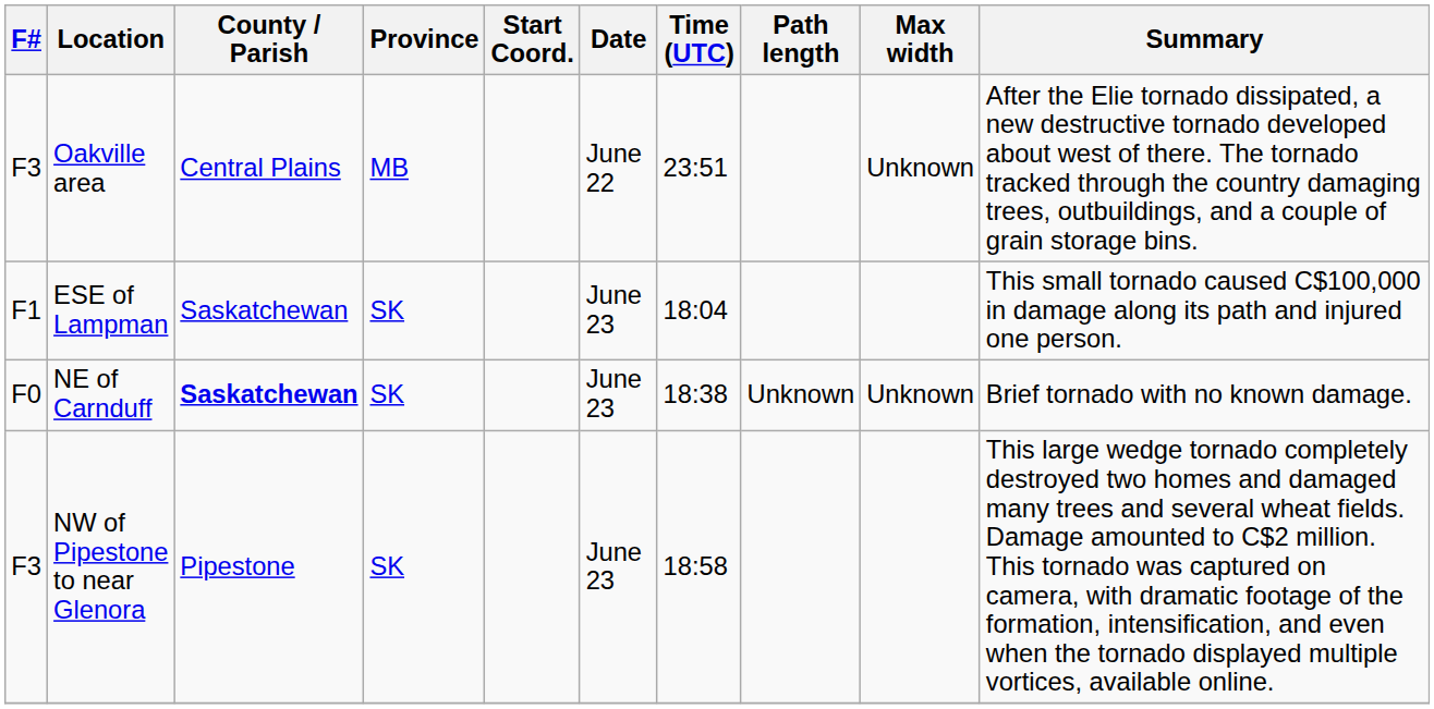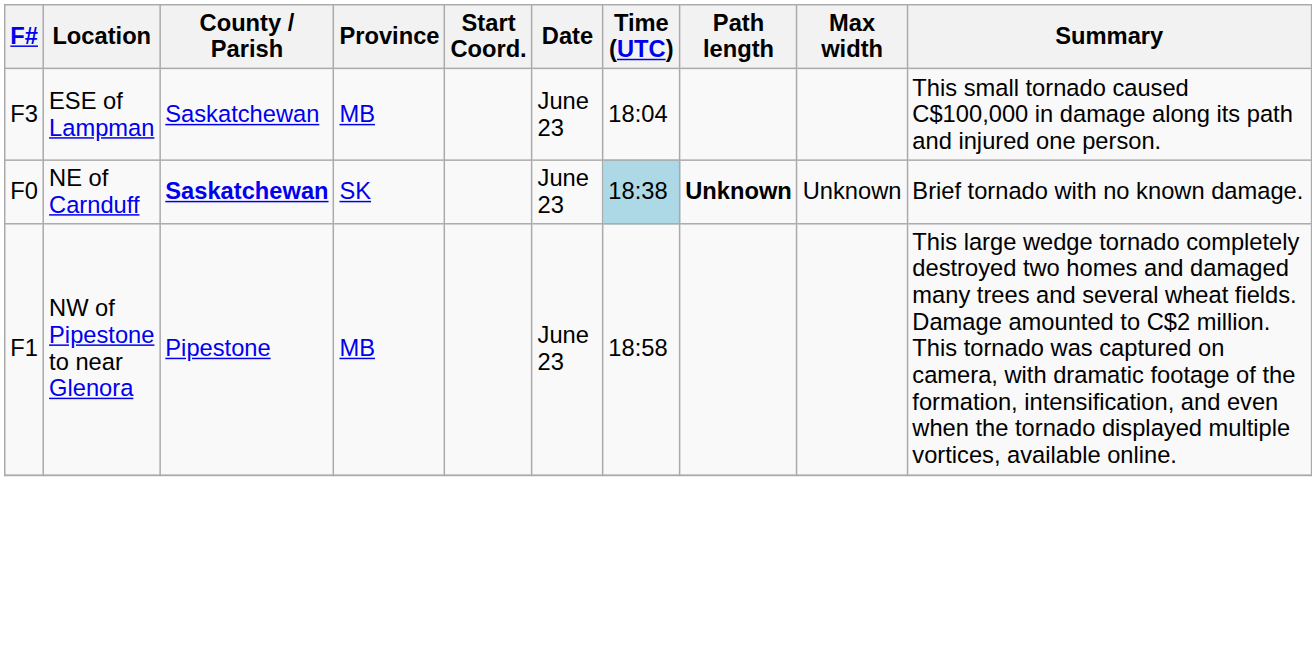 <table class="wikitable sortable" style="width:100%;">
 <tr>
 <th scope="col"  style="width:3%; text-align:center;"><a href='#'>F#</a></th>
 <th scope="col"  style="width:7%; text-align:center;" class="unsortable">Location</th>
 <th scope="col"  style="width:6%; text-align:center;" class="unsortable">County / Parish</th>
 <th scope="col"  style="width:5%; text-align:center;">Province</th>
 <th scope="col"  style="width:6%; text-align:center;">Start Coord.</th>
 <th scope="col"  style="width:6%; text-align:center;">Date</th>
 <th scope="col"  style="width:6%; text-align:center;">Time (<a href='#'>UTC</a>)</th>
 <th scope="col"  style="width:6%; text-align:center;">Path length</th>
 <th scope="col"  style="width:6%; text-align:center;">Max width</th>
 <th scope="col" class="unsortable" style="width:48%; text-align:center;">Summary</th>
 </tr>
 <tr>
 <td>F3</td>
-<td><a href='#'>Oakville</a> area</td>
-<td><a href='#'>Central Plains</a></td>
-<td><a href='#'>MB</a></td>
-<td></td>
-<td>June 22</td>
-<td>23:51</td>
-<td></td>
-<td>Unknown</td>
-<td>After the Elie tornado dissipated, a new destructive tornado developed about  west of there. The tornado tracked through the country damaging trees, outbuildings, and a couple of grain storage bins.</td>
-</tr>
-<tr>
-<td>F1</td>
 <td>ESE of <a href='#'>Lampman</a></td>
 <td><a href='#'>Saskatchewan</a></td>
-<td><a href='#'>SK</a></td>
+<td><a href='#'>MB</a></td>
 <td></td>
 <td>June 23</td>
 <td>18:04</td>
 <td></td>
 <td></td>
 <td>This small tornado caused C$100,000 in damage along its path and injured one person.</td>
 </tr>
 <tr>
 <td>F0</td>
 <td>NE of <a href='#'>Carnduff</a></td>
 <td><strong><a href='#'>Saskatchewan</a></strong></td>
 <td><a href='#'>SK</a></td>
 <td></td>
 <td>June 23</td>
-<td>18:38</td>
-<td>Unknown</td>
+<td style="background: lightblue;">18:38</td>
+<td><strong>Unknown</strong></td>
 <td>Unknown</td>
 <td>Brief tornado with no known damage.</td>
 </tr>
 <tr>
-<td>F3</td>
+<td>F1</td>
 <td>NW of <a href='#'>Pipestone</a> to near <a href='#'>Glenora</a></td>
 <td><a href='#'>Pipestone</a></td>
-<td><a href='#'>SK</a></td>
+<td><a href='#'>MB</a></td>
 <td></td>
 <td>June 23</td>
 <td>18:58</td>
 <td></td>
 <td></td>
 <td>This large wedge tornado completely destroyed two homes and damaged many trees and several wheat fields. Damage amounted to C$2 million. This tornado was captured on camera, with dramatic footage of the formation, intensification, and even when the tornado displayed multiple vortices, available online.</td>
 </tr>
 <tr>
 </tr>
 </table>
